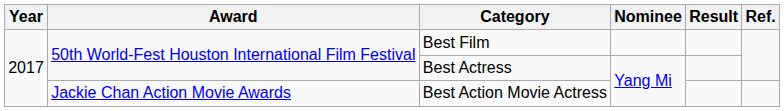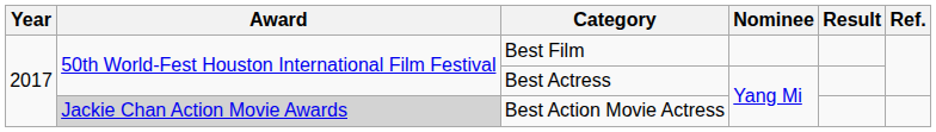 <table class="wikitable">
 <tr>
 <th>Year</th>
 <th>Award</th>
 <th>Category</th>
 <th>Nominee</th>
 <th>Result</th>
 <th>Ref.</th>
 </tr>
 <tr>
 <td rowspan=3>2017</td>
 <td rowspan=2><a href='#'>50th World-Fest Houston International Film Festival</a></td>
 <td>Best Film</td>
 <td></td>
 <td></td>
 <td rowspan=2></td>
 </tr>
 <tr>
 <td>Best Actress</td>
 <td rowspan=2><a href='#'>Yang Mi</a></td>
 <td></td>
 </tr>
 <tr>
-<td><a href='#'>Jackie Chan Action Movie Awards</a></td>
+<td style="background: lightgrey;"><a href='#'>Jackie Chan Action Movie Awards</a></td>
 <td>Best Action Movie Actress</td>
 <td></td>
 <td></td>
 </tr>
 </table>
